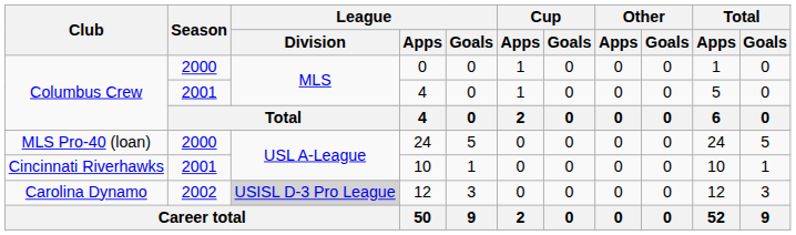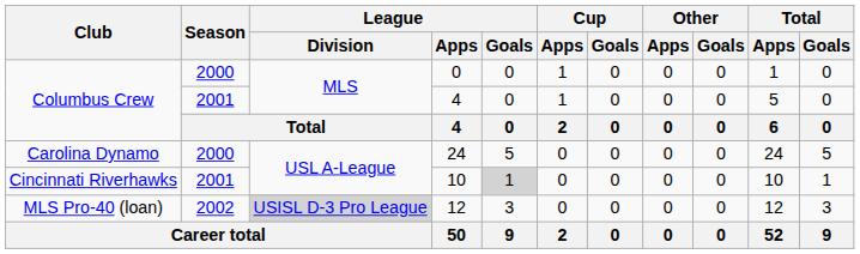 <table class="wikitable" style="text-align: center">
 <tr>
 <th rowspan="2">Club</th>
 <th rowspan="2">Season</th>
 <th colspan="3">League</th>
 <th colspan="2">Cup</th>
 <th colspan="2">Other</th>
 <th colspan="2">Total</th>
 </tr>
 <tr>
 <th>Division</th>
 <th>Apps</th>
 <th>Goals</th>
 <th>Apps</th>
 <th>Goals</th>
 <th>Apps</th>
 <th>Goals</th>
 <th>Apps</th>
 <th>Goals</th>
 </tr>
 <tr>
 <td rowspan="3"><a href='#'>Columbus Crew</a></td>
 <td><a href='#'>2000</a></td>
 <td rowspan="2"><a href='#'>MLS</a></td>
 <td>0</td>
 <td>0</td>
 <td>1</td>
 <td>0</td>
 <td>0</td>
 <td>0</td>
 <td>1</td>
 <td>0</td>
 </tr>
 <tr>
 <td><a href='#'>2001</a></td>
 <td>4</td>
 <td>0</td>
 <td>1</td>
 <td>0</td>
 <td>0</td>
 <td>0</td>
 <td>5</td>
 <td>0</td>
 </tr>
 <tr>
 <th colspan="2"><strong>Total</strong></th>
 <th>4</th>
 <th>0</th>
 <th>2</th>
 <th>0</th>
 <th>0</th>
 <th>0</th>
 <th>6</th>
 <th>0</th>
 </tr>
 <tr>
-<td><a href='#'>MLS Pro-40</a> (loan)</td>
+<td><a href='#'>Carolina Dynamo</a></td>
 <td><a href='#'>2000</a></td>
 <td rowspan="2"><a href='#'>USL A-League</a></td>
 <td>24</td>
 <td>5</td>
 <td>0</td>
 <td>0</td>
 <td>0</td>
 <td>0</td>
 <td>24</td>
 <td>5</td>
 </tr>
 <tr>
 <td><a href='#'>Cincinnati Riverhawks</a></td>
 <td><a href='#'>2001</a></td>
 <td>10</td>
-<td>1</td>
+<td style="background: lightgrey;">1</td>
 <td>0</td>
 <td>0</td>
 <td>0</td>
 <td>0</td>
 <td>10</td>
 <td>1</td>
 </tr>
 <tr>
-<td><a href='#'>Carolina Dynamo</a></td>
+<td><a href='#'>MLS Pro-40</a> (loan)</td>
 <td><a href='#'>2002</a></td>
 <td style="background: lightgrey;"><a href='#'>USISL D-3 Pro League</a></td>
 <td>12</td>
 <td>3</td>
 <td>0</td>
 <td>0</td>
 <td>0</td>
 <td>0</td>
 <td>12</td>
 <td>3</td>
 </tr>
 <tr>
 <th colspan="3"><strong>Career total</strong></th>
 <th>50</th>
 <th>9</th>
 <th>2</th>
 <th>0</th>
 <th>0</th>
 <th>0</th>
 <th>52</th>
 <th>9</th>
 </tr>
 </table>
